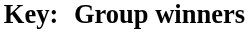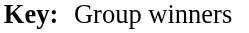 <table style="font-size: 85%;">
 <tr>
 <td height=5></td>
 </tr>
 <tr>
 <td><strong>Key:</strong></td>
 <td></td>
-<td><strong>Group winners</strong></td>
+<td>Group winners</td>
 </tr>
 </table>
